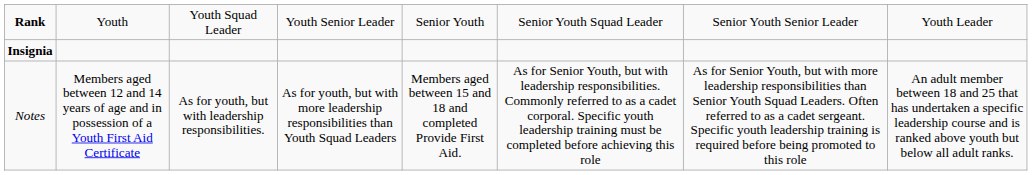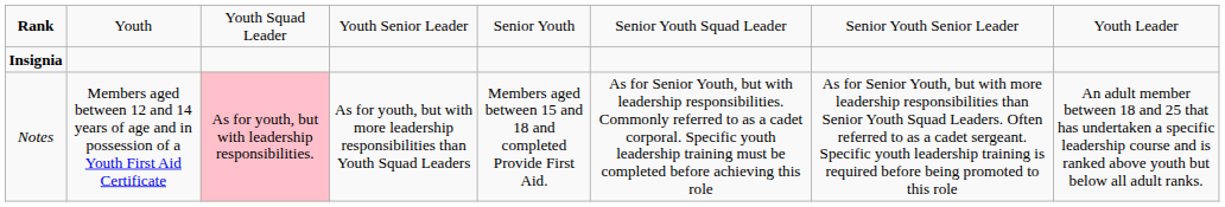 <table class="wikitable" style="text-align:center">
 <tr>
 <td><strong>Rank</strong></td>
 <td>Youth</td>
 <td>Youth Squad Leader</td>
 <td>Youth Senior Leader</td>
 <td>Senior Youth</td>
 <td>Senior Youth Squad Leader</td>
 <td>Senior Youth Senior Leader</td>
 <td>Youth Leader</td>
 </tr>
 <tr>
 <td><strong>Insignia</strong></td>
 <td></td>
 <td></td>
 <td></td>
 <td></td>
 <td></td>
 <td></td>
 <td></td>
 </tr>
 <tr>
 <td><em>Notes</em></td>
 <td>Members aged between 12 and 14 years of age and in possession of a <a href='#'>Youth First Aid Certificate</a></td>
-<td>As for youth, but with leadership responsibilities.</td>
+<td style="background: pink;">As for youth, but with leadership responsibilities.</td>
 <td>As for youth, but with more leadership responsibilities than Youth Squad Leaders</td>
 <td>Members aged between 15 and 18 and completed Provide First Aid.</td>
 <td>As for Senior Youth, but with leadership responsibilities. Commonly referred to as a cadet corporal. Specific youth leadership training must be completed before achieving this role</td>
 <td>As for Senior Youth, but with more leadership responsibilities than Senior Youth Squad Leaders. Often referred to as a cadet sergeant.  Specific youth leadership training is required before being promoted to this role</td>
 <td>An adult member between 18 and 25 that has undertaken a specific leadership course and is ranked above youth but below all adult ranks.</td>
 </tr>
 </table>
